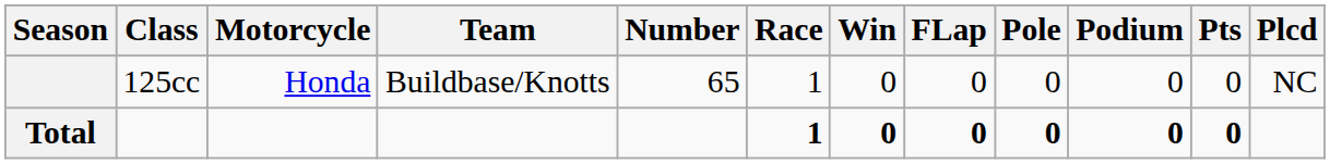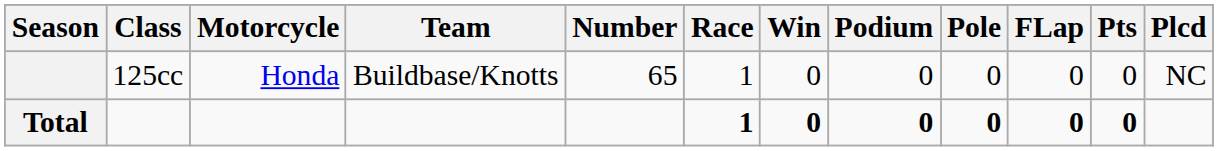 <table class="wikitable">
 <tr>
 <th>Season</th>
 <th>Class</th>
 <th>Motorcycle</th>
 <th>Team</th>
 <th>Number</th>
 <th>Race</th>
 <th>Win</th>
+<th>Podium</th>
+<th>Pole</th>
 <th>FLap</th>
-<th>Pole</th>
-<th>Podium</th>
 <th>Pts</th>
 <th>Plcd</th>
 </tr>
 <tr align="right">
 <th></th>
 <td>125cc</td>
 <td><a href='#'>Honda</a></td>
 <td>Buildbase/Knotts</td>
 <td>65</td>
 <td>1</td>
 <td>0</td>
 <td>0</td>
 <td>0</td>
 <td>0</td>
 <td>0</td>
 <td>NC</td>
 </tr>
 <tr align="right">
 <th>Total</th>
 <td></td>
 <td></td>
 <td></td>
 <td></td>
 <td><strong>1</strong></td>
 <td><strong>0</strong></td>
 <td><strong>0</strong></td>
 <td><strong>0</strong></td>
 <td><strong>0</strong></td>
 <td><strong>0</strong></td>
 <td></td>
 </tr>
 </table>
